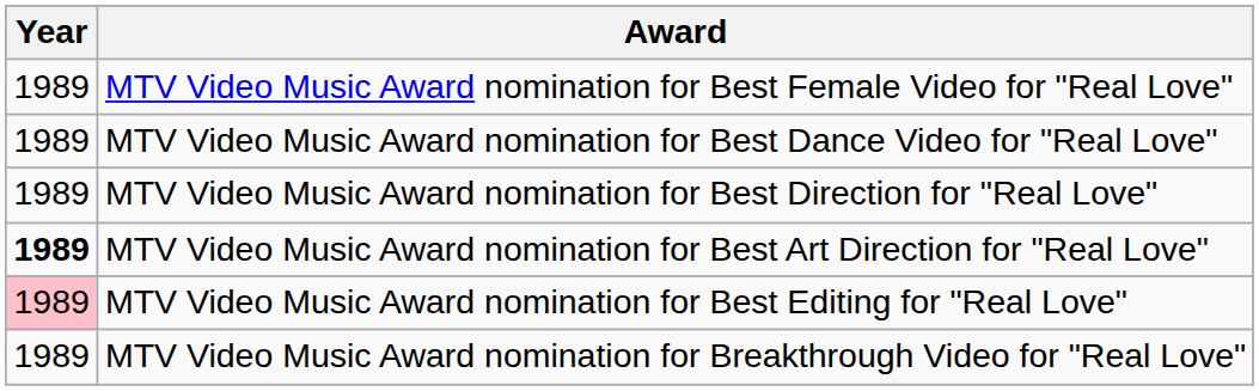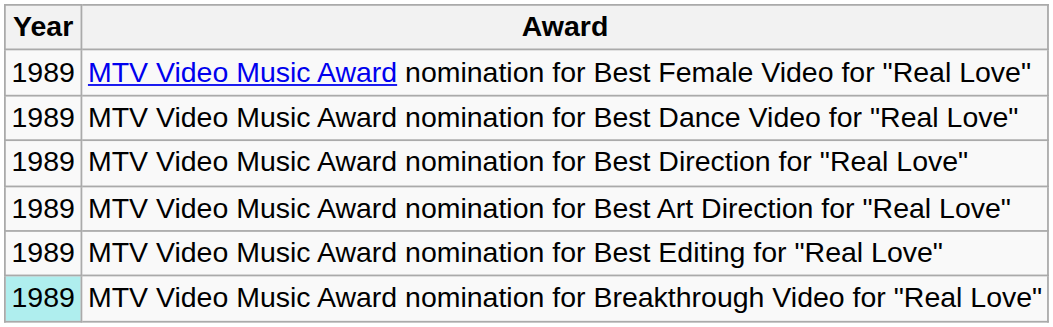 <table class="wikitable">
 <tr>
 <th>Year</th>
 <th>Award</th>
 </tr>
 <tr>
 <td>1989</td>
 <td><a href='#'>MTV Video Music Award</a> nomination for Best Female Video for "Real Love"</td>
 </tr>
 <tr>
 <td>1989</td>
 <td>MTV Video Music Award nomination for Best Dance Video for "Real Love"</td>
 </tr>
 <tr>
 <td>1989</td>
 <td>MTV Video Music Award nomination for Best Direction for "Real Love"</td>
 </tr>
 <tr>
-<td><strong>1989</strong></td>
+<td>1989</td>
 <td>MTV Video Music Award nomination for Best Art Direction for "Real Love"</td>
 </tr>
 <tr>
-<td style="background: pink;">1989</td>
+<td>1989</td>
 <td>MTV Video Music Award nomination for Best Editing for "Real Love"</td>
 </tr>
 <tr>
-<td>1989</td>
+<td style="background: paleturquoise;">1989</td>
 <td>MTV Video Music Award nomination for Breakthrough Video for "Real Love"</td>
 </tr>
 </table>
